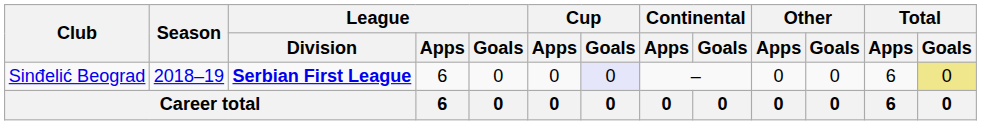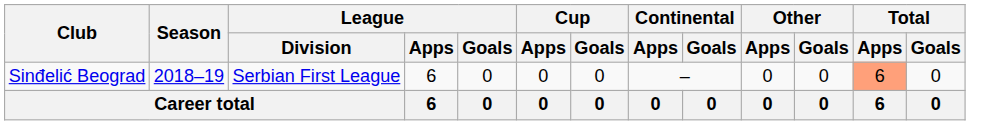 <table class="wikitable" style="text-align: center">
 <tr>
 <th rowspan="2">Club</th>
 <th rowspan="2">Season</th>
 <th colspan="3">League</th>
 <th colspan="2">Cup</th>
 <th colspan="2">Continental</th>
 <th colspan="2">Other</th>
 <th colspan="2">Total</th>
 </tr>
 <tr>
 <th>Division</th>
 <th>Apps</th>
 <th>Goals</th>
 <th>Apps</th>
 <th>Goals</th>
 <th>Apps</th>
 <th>Goals</th>
 <th>Apps</th>
 <th>Goals</th>
 <th>Apps</th>
 <th>Goals</th>
 </tr>
 <tr>
 <td><a href='#'>Sinđelić Beograd</a></td>
 <td><a href='#'>2018–19</a></td>
-<td><strong><a href='#'>Serbian First League</a></strong></td>
+<td><a href='#'>Serbian First League</a></td>
 <td>6</td>
 <td>0</td>
 <td>0</td>
-<td style="background: lavender;">0</td>
+<td>0</td>
 <td colspan="2">–</td>
 <td>0</td>
 <td>0</td>
-<td>6</td>
-<td style="background: khaki;">0</td>
+<td style="background: lightsalmon;">6</td>
+<td>0</td>
 </tr>
 <tr>
 <th colspan=3>Career total</th>
 <th>6</th>
 <th>0</th>
 <th>0</th>
 <th>0</th>
 <th>0</th>
 <th>0</th>
 <th>0</th>
 <th>0</th>
 <th>6</th>
 <th>0</th>
 </tr>
 </table>
